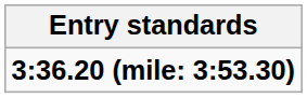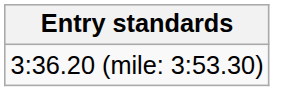 <table class="wikitable" border="1" align="upright">
 <tr>
 <th>Entry standards</th>
 </tr>
 <tr>
-<td><strong>3:36.20 (mile: 3:53.30)</strong></td>
+<td>3:36.20 (mile: 3:53.30)</td>
 </tr>
 </table>
